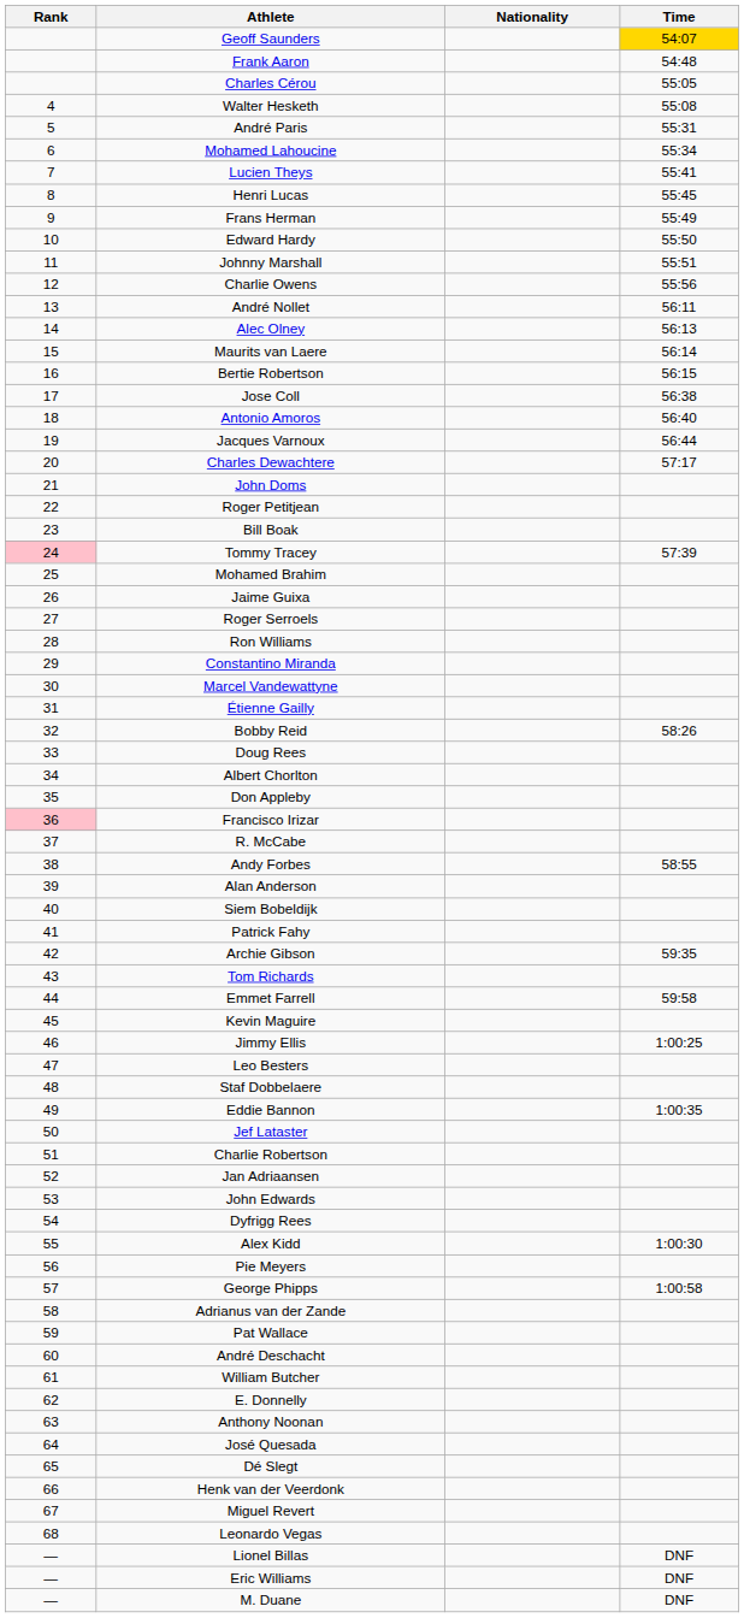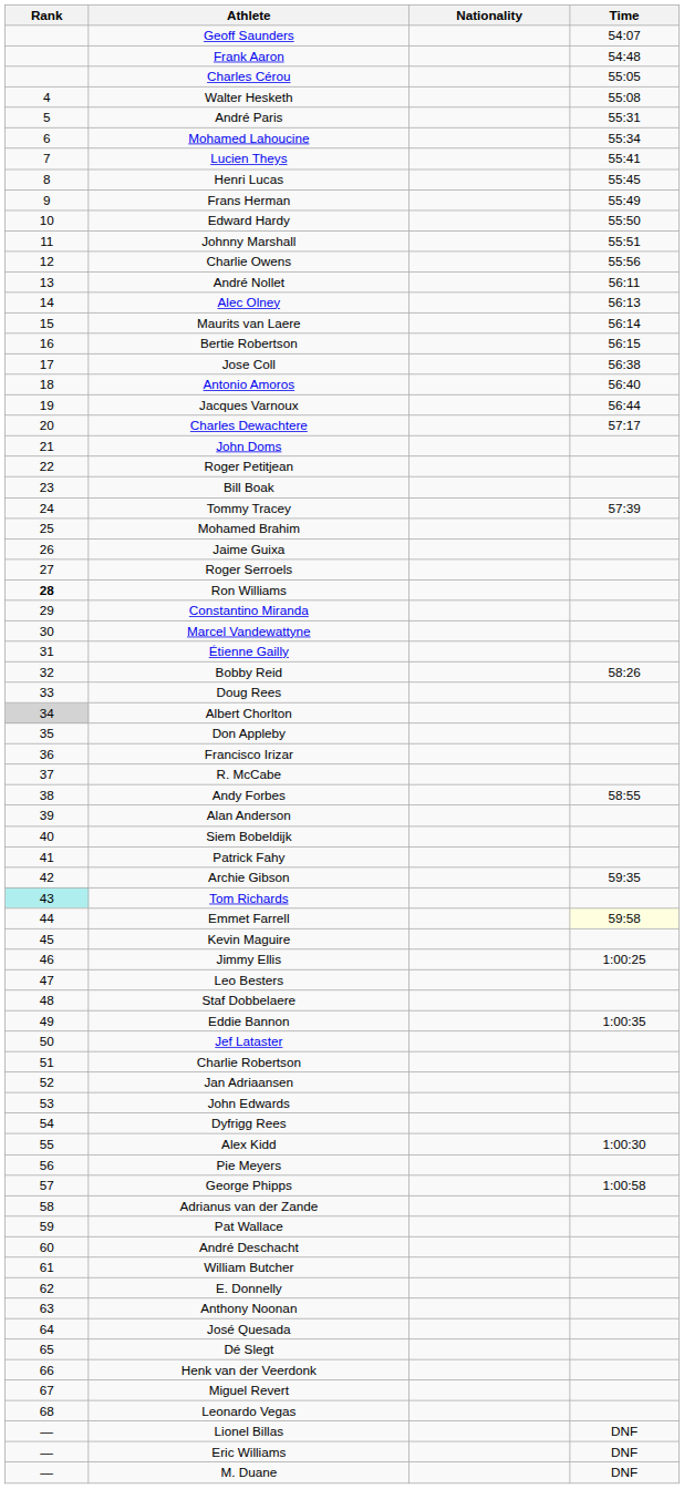 <table class="wikitable sortable" style=" text-align:center; font-size:95%;" width="50%">
 <tr>
 <th>Rank</th>
 <th>Athlete</th>
 <th>Nationality</th>
 <th>Time</th>
 </tr>
 <tr>
 <td align=center></td>
 <td><a href='#'>Geoff Saunders</a></td>
 <td></td>
-<td style="background: gold;">54:07</td>
+<td>54:07</td>
 </tr>
 <tr>
 <td align=center></td>
 <td><a href='#'>Frank Aaron</a></td>
 <td></td>
 <td>54:48</td>
 </tr>
 <tr>
 <td align=center></td>
 <td><a href='#'>Charles Cérou</a></td>
 <td></td>
 <td>55:05</td>
 </tr>
 <tr>
 <td align=center>4</td>
 <td>Walter Hesketh</td>
 <td></td>
 <td>55:08</td>
 </tr>
 <tr>
 <td align=center>5</td>
 <td>André Paris</td>
 <td></td>
 <td>55:31</td>
 </tr>
 <tr>
 <td align=center>6</td>
 <td><a href='#'>Mohamed Lahoucine</a></td>
 <td></td>
 <td>55:34</td>
 </tr>
 <tr>
 <td align=center>7</td>
 <td><a href='#'>Lucien Theys</a></td>
 <td></td>
 <td>55:41</td>
 </tr>
 <tr>
 <td align=center>8</td>
 <td>Henri Lucas</td>
 <td></td>
 <td>55:45</td>
 </tr>
 <tr>
 <td align=center>9</td>
 <td>Frans Herman</td>
 <td></td>
 <td>55:49</td>
 </tr>
 <tr>
 <td align=center>10</td>
 <td>Edward Hardy</td>
 <td></td>
 <td>55:50</td>
 </tr>
 <tr>
 <td align=center>11</td>
 <td>Johnny Marshall</td>
 <td></td>
 <td>55:51</td>
 </tr>
 <tr>
 <td align=center>12</td>
 <td>Charlie Owens</td>
 <td></td>
 <td>55:56</td>
 </tr>
 <tr>
 <td align=center>13</td>
 <td>André Nollet</td>
 <td></td>
 <td>56:11</td>
 </tr>
 <tr>
 <td align=center>14</td>
 <td><a href='#'>Alec Olney</a></td>
 <td></td>
 <td>56:13</td>
 </tr>
 <tr>
 <td align=center>15</td>
 <td>Maurits van Laere</td>
 <td></td>
 <td>56:14</td>
 </tr>
 <tr>
 <td align=center>16</td>
 <td>Bertie Robertson</td>
 <td></td>
 <td>56:15</td>
 </tr>
 <tr>
 <td align=center>17</td>
 <td>Jose Coll</td>
 <td></td>
 <td>56:38</td>
 </tr>
 <tr>
 <td align=center>18</td>
 <td><a href='#'>Antonio Amoros</a></td>
 <td></td>
 <td>56:40</td>
 </tr>
 <tr>
 <td align=center>19</td>
 <td>Jacques Varnoux</td>
 <td></td>
 <td>56:44</td>
 </tr>
 <tr>
 <td align=center>20</td>
 <td><a href='#'>Charles Dewachtere</a></td>
 <td></td>
 <td>57:17</td>
 </tr>
 <tr>
 <td align=center>21</td>
 <td><a href='#'>John Doms</a></td>
 <td></td>
 <td></td>
 </tr>
 <tr>
 <td align=center>22</td>
 <td>Roger Petitjean</td>
 <td></td>
 <td></td>
 </tr>
 <tr>
 <td align=center>23</td>
 <td>Bill Boak</td>
 <td></td>
 <td></td>
 </tr>
 <tr>
-<td align=center style="background: pink;">24</td>
+<td align=center>24</td>
 <td>Tommy Tracey</td>
 <td></td>
 <td>57:39</td>
 </tr>
 <tr>
 <td align=center>25</td>
 <td>Mohamed Brahim</td>
 <td></td>
 <td></td>
 </tr>
 <tr>
 <td align=center>26</td>
 <td>Jaime Guixa</td>
 <td></td>
 <td></td>
 </tr>
 <tr>
 <td align=center>27</td>
 <td>Roger Serroels</td>
 <td></td>
 <td></td>
 </tr>
 <tr>
-<td align=center>28</td>
+<td align=center><strong>28</strong></td>
 <td>Ron Williams</td>
 <td></td>
 <td></td>
 </tr>
 <tr>
 <td align=center>29</td>
 <td><a href='#'>Constantino Miranda</a></td>
 <td></td>
 <td></td>
 </tr>
 <tr>
 <td align=center>30</td>
 <td><a href='#'>Marcel Vandewattyne</a></td>
 <td></td>
 <td></td>
 </tr>
 <tr>
 <td align=center>31</td>
 <td><a href='#'>Étienne Gailly</a></td>
 <td></td>
 <td></td>
 </tr>
 <tr>
 <td align=center>32</td>
 <td>Bobby Reid</td>
 <td></td>
 <td>58:26</td>
 </tr>
 <tr>
 <td align=center>33</td>
 <td>Doug Rees</td>
 <td></td>
 <td></td>
 </tr>
 <tr>
-<td align=center>34</td>
+<td align=center style="background: lightgrey;">34</td>
 <td>Albert Chorlton</td>
 <td></td>
 <td></td>
 </tr>
 <tr>
 <td align=center>35</td>
 <td>Don Appleby</td>
 <td></td>
 <td></td>
 </tr>
 <tr>
-<td align=center style="background: pink;">36</td>
+<td align=center>36</td>
 <td>Francisco Irizar</td>
 <td></td>
 <td></td>
 </tr>
 <tr>
 <td align=center>37</td>
 <td>R. McCabe</td>
 <td></td>
 <td></td>
 </tr>
 <tr>
 <td align=center>38</td>
 <td>Andy Forbes</td>
 <td></td>
 <td>58:55</td>
 </tr>
 <tr>
 <td align=center>39</td>
 <td>Alan Anderson</td>
 <td></td>
 <td></td>
 </tr>
 <tr>
 <td align=center>40</td>
 <td>Siem Bobeldijk</td>
 <td></td>
 <td></td>
 </tr>
 <tr>
 <td align=center>41</td>
 <td>Patrick Fahy</td>
 <td></td>
 <td></td>
 </tr>
 <tr>
 <td align=center>42</td>
 <td>Archie Gibson</td>
 <td></td>
 <td>59:35</td>
 </tr>
 <tr>
-<td align=center>43</td>
+<td align=center style="background: paleturquoise;">43</td>
 <td><a href='#'>Tom Richards</a></td>
 <td></td>
 <td></td>
 </tr>
 <tr>
 <td align=center>44</td>
 <td>Emmet Farrell</td>
 <td></td>
-<td>59:58</td>
+<td style="background: lightyellow;">59:58</td>
 </tr>
 <tr>
 <td align=center>45</td>
 <td>Kevin Maguire</td>
 <td></td>
 <td></td>
 </tr>
 <tr>
 <td align=center>46</td>
 <td>Jimmy Ellis</td>
 <td></td>
 <td>1:00:25</td>
 </tr>
 <tr>
 <td align=center>47</td>
 <td>Leo Besters</td>
 <td></td>
 <td></td>
 </tr>
 <tr>
 <td align=center>48</td>
 <td>Staf Dobbelaere</td>
 <td></td>
 <td></td>
 </tr>
 <tr>
 <td align=center>49</td>
 <td>Eddie Bannon</td>
 <td></td>
 <td>1:00:35</td>
 </tr>
 <tr>
 <td align=center>50</td>
 <td><a href='#'>Jef Lataster</a></td>
 <td></td>
 <td></td>
 </tr>
 <tr>
 <td align=center>51</td>
 <td>Charlie Robertson</td>
 <td></td>
 <td></td>
 </tr>
 <tr>
 <td align=center>52</td>
 <td>Jan Adriaansen</td>
 <td></td>
 <td></td>
 </tr>
 <tr>
 <td align=center>53</td>
 <td>John Edwards</td>
 <td></td>
 <td></td>
 </tr>
 <tr>
 <td align=center>54</td>
 <td>Dyfrigg Rees</td>
 <td></td>
 <td></td>
 </tr>
 <tr>
 <td align=center>55</td>
 <td>Alex Kidd</td>
 <td></td>
 <td>1:00:30</td>
 </tr>
 <tr>
 <td align=center>56</td>
 <td>Pie Meyers</td>
 <td></td>
 <td></td>
 </tr>
 <tr>
 <td align=center>57</td>
 <td>George Phipps</td>
 <td></td>
 <td>1:00:58</td>
 </tr>
 <tr>
 <td align=center>58</td>
 <td>Adrianus van der Zande</td>
 <td></td>
 <td></td>
 </tr>
 <tr>
 <td align=center>59</td>
 <td>Pat Wallace</td>
 <td></td>
 <td></td>
 </tr>
 <tr>
 <td align=center>60</td>
 <td>André Deschacht</td>
 <td></td>
 <td></td>
 </tr>
 <tr>
 <td align=center>61</td>
 <td>William Butcher</td>
 <td></td>
 <td></td>
 </tr>
 <tr>
 <td align=center>62</td>
 <td>E. Donnelly</td>
 <td></td>
 <td></td>
 </tr>
 <tr>
 <td align=center>63</td>
 <td>Anthony Noonan</td>
 <td></td>
 <td></td>
 </tr>
 <tr>
 <td align=center>64</td>
 <td>José Quesada</td>
 <td></td>
 <td></td>
 </tr>
 <tr>
 <td align=center>65</td>
 <td>Dé Slegt</td>
 <td></td>
 <td></td>
 </tr>
 <tr>
 <td align=center>66</td>
 <td>Henk van der Veerdonk</td>
 <td></td>
 <td></td>
 </tr>
 <tr>
 <td align=center>67</td>
 <td>Miguel Revert</td>
 <td></td>
 <td></td>
 </tr>
 <tr>
 <td align=center>68</td>
 <td>Leonardo Vegas</td>
 <td></td>
 <td></td>
 </tr>
 <tr>
 <td align=center>—</td>
 <td>Lionel Billas</td>
 <td></td>
 <td>DNF</td>
 </tr>
 <tr>
 <td align=center>—</td>
 <td>Eric Williams</td>
 <td></td>
 <td>DNF</td>
 </tr>
 <tr>
 <td align=center>—</td>
 <td>M. Duane</td>
 <td></td>
 <td>DNF</td>
 </tr>
 </table>
